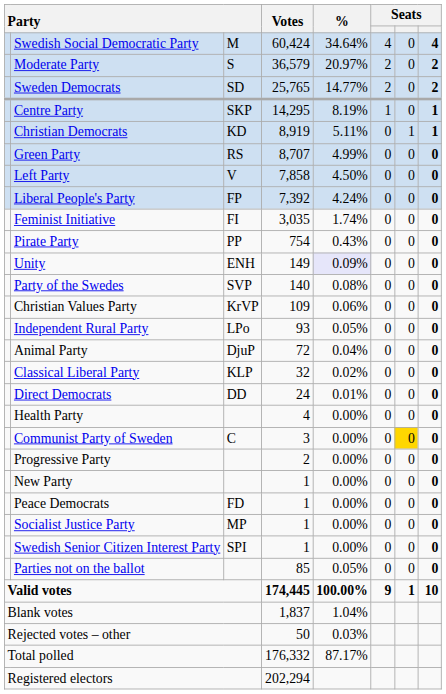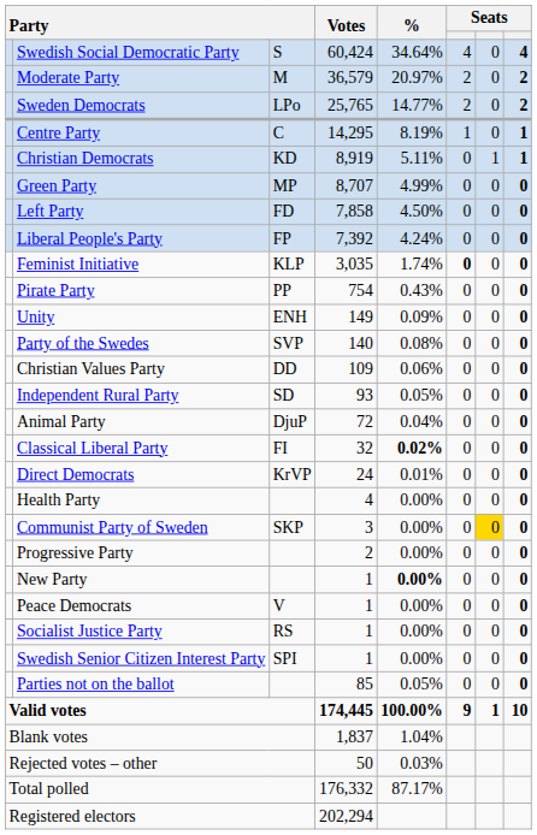 <table class="wikitable" border="1" style="text-align:right;">
 <tr>
 <th style="text-align:left;" valign=bottom rowspan=2 colspan=3>Party</th>
 <th align=center valign=bottom rowspan=2 width="50">Votes</th>
 <th align=center valign=bottom rowspan=2 width="50">%</th>
 <th colspan=3>Seats</th>
 </tr>
 <tr>
 <th align=center valign=bottom width="20"><small></small></th>
 <th align=center valign=bottom width="20"><small><a href='#'></a></small></th>
 <th align=center valign=bottom width="20"><small></small></th>
 </tr>
 <tr style="background:#CEE0F2;">
 <td></td>
 <td align=left style="white-space: nowrap;"><a href='#'>Swedish Social Democratic Party</a></td>
-<td align=left>M</td>
+<td align=left>S</td>
 <td>60,424</td>
 <td>34.64%</td>
 <td>4</td>
 <td>0</td>
 <td><strong>4</strong></td>
 </tr>
 <tr style="background:#CEE0F2;">
 <td></td>
 <td align=left><a href='#'>Moderate Party</a></td>
-<td align=left>S</td>
+<td align=left>M</td>
 <td>36,579</td>
 <td>20.97%</td>
 <td>2</td>
 <td>0</td>
 <td><strong>2</strong></td>
 </tr>
 <tr style="background:#CEE0F2;">
 <td></td>
 <td align=left><a href='#'>Sweden Democrats</a></td>
-<td align=left>SD</td>
+<td align=left>LPo</td>
 <td>25,765</td>
 <td>14.77%</td>
 <td>2</td>
 <td>0</td>
 <td><strong>2</strong></td>
 </tr>
 <tr style="background:#CEE0F2; border-top:3px solid darkgray;">
 <td></td>
 <td align=left><a href='#'>Centre Party</a></td>
-<td align=left>SKP</td>
+<td align=left>C</td>
 <td>14,295</td>
 <td>8.19%</td>
 <td>1</td>
 <td>0</td>
 <td><strong>1</strong></td>
 </tr>
 <tr style="background:#CEE0F2;">
 <td></td>
 <td align=left><a href='#'>Christian Democrats</a></td>
 <td align=left>KD</td>
 <td>8,919</td>
 <td>5.11%</td>
 <td>0</td>
 <td>1</td>
 <td><strong>1</strong></td>
 </tr>
 <tr style="background:#CEE0F2;">
 <td></td>
 <td align=left><a href='#'>Green Party</a></td>
-<td align=left>RS</td>
+<td align=left>MP</td>
 <td>8,707</td>
 <td>4.99%</td>
 <td>0</td>
 <td>0</td>
 <td><strong>0</strong></td>
 </tr>
 <tr style="background:#CEE0F2;">
 <td></td>
 <td align=left><a href='#'>Left Party</a></td>
-<td align=left>V</td>
+<td align=left>FD</td>
 <td>7,858</td>
 <td>4.50%</td>
 <td>0</td>
 <td>0</td>
 <td><strong>0</strong></td>
 </tr>
 <tr style="background:#CEE0F2;">
 <td></td>
 <td align=left><a href='#'>Liberal People's Party</a></td>
 <td align=left>FP</td>
 <td>7,392</td>
 <td>4.24%</td>
 <td>0</td>
 <td>0</td>
 <td><strong>0</strong></td>
 </tr>
 <tr>
 <td></td>
 <td align=left><a href='#'>Feminist Initiative</a></td>
-<td align=left>FI</td>
+<td align=left>KLP</td>
 <td>3,035</td>
 <td>1.74%</td>
-<td>0</td>
+<td><strong>0</strong></td>
 <td>0</td>
 <td><strong>0</strong></td>
 </tr>
 <tr>
 <td></td>
 <td align=left><a href='#'>Pirate Party</a></td>
 <td align=left>PP</td>
 <td>754</td>
 <td>0.43%</td>
 <td>0</td>
 <td>0</td>
 <td><strong>0</strong></td>
 </tr>
 <tr>
 <td></td>
 <td align=left><a href='#'>Unity</a></td>
 <td align=left>ENH</td>
 <td>149</td>
-<td style="background: lavender;">0.09%</td>
+<td>0.09%</td>
 <td>0</td>
 <td>0</td>
 <td><strong>0</strong></td>
 </tr>
 <tr>
 <td></td>
 <td align=left><a href='#'>Party of the Swedes</a></td>
 <td align=left>SVP</td>
 <td>140</td>
 <td>0.08%</td>
 <td>0</td>
 <td>0</td>
 <td><strong>0</strong></td>
 </tr>
 <tr>
 <td></td>
 <td align=left>Christian Values Party</td>
-<td align=left>KrVP</td>
+<td align=left>DD</td>
 <td>109</td>
 <td>0.06%</td>
 <td>0</td>
 <td>0</td>
 <td><strong>0</strong></td>
 </tr>
 <tr>
 <td></td>
 <td align=left><a href='#'>Independent Rural Party</a></td>
-<td align=left>LPo</td>
+<td align=left>SD</td>
 <td>93</td>
 <td>0.05%</td>
 <td>0</td>
 <td>0</td>
 <td><strong>0</strong></td>
 </tr>
 <tr>
 <td></td>
 <td align=left>Animal Party</td>
 <td align=left>DjuP</td>
 <td>72</td>
 <td>0.04%</td>
 <td>0</td>
 <td>0</td>
 <td><strong>0</strong></td>
 </tr>
 <tr>
 <td></td>
 <td align=left><a href='#'>Classical Liberal Party</a></td>
-<td align=left>KLP</td>
+<td align=left>FI</td>
 <td>32</td>
-<td>0.02%</td>
+<td><strong>0.02%</strong></td>
 <td>0</td>
 <td>0</td>
 <td><strong>0</strong></td>
 </tr>
 <tr>
 <td></td>
 <td align=left><a href='#'>Direct Democrats</a></td>
-<td align=left>DD</td>
+<td align=left>KrVP</td>
 <td>24</td>
 <td>0.01%</td>
 <td>0</td>
 <td>0</td>
 <td><strong>0</strong></td>
 </tr>
 <tr>
 <td></td>
 <td align=left>Health Party</td>
 <td></td>
 <td>4</td>
 <td>0.00%</td>
 <td>0</td>
 <td>0</td>
 <td><strong>0</strong></td>
 </tr>
 <tr>
 <td></td>
 <td align=left><a href='#'>Communist Party of Sweden</a></td>
-<td align=left>C</td>
+<td align=left>SKP</td>
 <td>3</td>
 <td>0.00%</td>
 <td>0</td>
 <td style="background: gold;">0</td>
 <td><strong>0</strong></td>
 </tr>
 <tr>
 <td></td>
 <td align=left>Progressive Party</td>
 <td></td>
 <td>2</td>
 <td>0.00%</td>
 <td>0</td>
 <td>0</td>
 <td><strong>0</strong></td>
 </tr>
 <tr>
 <td></td>
 <td align=left>New Party</td>
 <td></td>
 <td>1</td>
-<td>0.00%</td>
+<td><strong>0.00%</strong></td>
 <td>0</td>
 <td>0</td>
 <td><strong>0</strong></td>
 </tr>
 <tr>
 <td></td>
 <td align=left>Peace Democrats</td>
-<td align=left>FD</td>
+<td align=left>V</td>
 <td>1</td>
 <td>0.00%</td>
 <td>0</td>
 <td>0</td>
 <td><strong>0</strong></td>
 </tr>
 <tr>
 <td></td>
 <td align=left><a href='#'>Socialist Justice Party</a></td>
-<td align=left>MP</td>
+<td align=left>RS</td>
 <td>1</td>
 <td>0.00%</td>
 <td>0</td>
 <td>0</td>
 <td><strong>0</strong></td>
 </tr>
 <tr>
 <td></td>
 <td align=left><a href='#'>Swedish Senior Citizen Interest Party</a></td>
 <td align=left>SPI</td>
 <td>1</td>
 <td>0.00%</td>
 <td>0</td>
 <td>0</td>
 <td><strong>0</strong></td>
 </tr>
 <tr>
 <td></td>
 <td align=left><a href='#'>Parties not on the ballot</a></td>
 <td></td>
 <td>85</td>
 <td>0.05%</td>
 <td>0</td>
 <td>0</td>
 <td><strong>0</strong></td>
 </tr>
 <tr style="font-weight:bold">
 <td align=left colspan=3>Valid votes</td>
 <td>174,445</td>
 <td>100.00%</td>
 <td>9</td>
 <td>1</td>
 <td>10</td>
 </tr>
 <tr>
 <td align=left colspan=3>Blank votes</td>
 <td>1,837</td>
 <td>1.04%</td>
 <td></td>
 <td></td>
 <td></td>
 </tr>
 <tr>
 <td align=left colspan=3>Rejected votes – other</td>
 <td>50</td>
 <td>0.03%</td>
 <td></td>
 <td></td>
 <td></td>
 </tr>
 <tr>
 <td align=left colspan=3>Total polled</td>
 <td>176,332</td>
 <td>87.17%</td>
 <td></td>
 <td></td>
 <td></td>
 </tr>
 <tr>
 <td align=left colspan=3>Registered electors</td>
 <td>202,294</td>
 <td></td>
 <td></td>
 <td></td>
 <td></td>
 </tr>
 </table>
